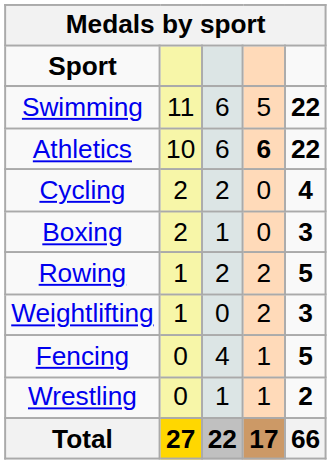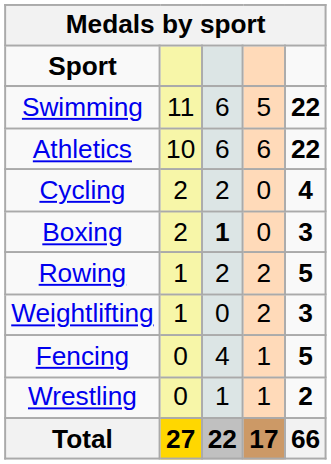 <table class="wikitable" style="font-size:85%; float:right">
 <tr style="background:#efefef;">
 <th colspan=7><strong>Medals by sport</strong></th>
 </tr>
 <tr align=center>
 <td><strong>Sport</strong></td>
 <td bgcolor=#f7f6a8></td>
 <td bgcolor=#dce5e5></td>
 <td bgcolor=#ffdab9></td>
 <td></td>
 </tr>
 <tr>
 </tr>
 <tr align=center>
 <td><a href='#'>Swimming</a></td>
 <td style="Background:#F7F6A8;">11</td>
 <td style="background:#DCE5E5;">6</td>
 <td style="background:#FFDAB9;">5</td>
 <td><strong>22</strong></td>
 </tr>
 <tr align=center>
 <td><a href='#'>Athletics</a></td>
 <td style="Background:#F7F6A8;">10</td>
 <td style="background:#DCE5E5;">6</td>
-<td style="background:#FFDAB9;"><strong>6</strong></td>
+<td style="background:#FFDAB9;">6</td>
 <td><strong>22</strong></td>
 </tr>
 <tr align=center>
 <td><a href='#'>Cycling</a></td>
 <td style="Background:#F7F6A8;">2</td>
 <td style="background:#DCE5E5;">2</td>
 <td style="background:#FFDAB9;">0</td>
 <td><strong>4</strong></td>
 </tr>
 <tr align=center>
 <td><a href='#'>Boxing</a></td>
 <td style="Background:#F7F6A8;">2</td>
-<td style="background:#DCE5E5;">1</td>
+<td style="background:#DCE5E5;"><strong>1</strong></td>
 <td style="background:#FFDAB9;">0</td>
 <td><strong>3</strong></td>
 </tr>
 <tr align=center>
 <td><a href='#'>Rowing</a></td>
 <td style="background:#F7F6A8;">1</td>
 <td style="background:#DCE5E5;">2</td>
 <td style="background:#FFDAB9;">2</td>
 <td><strong>5</strong></td>
 </tr>
 <tr align=center>
 <td><a href='#'>Weightlifting</a></td>
 <td style="Background:#F7F6A8;">1</td>
 <td style="background:#DCE5E5;">0</td>
 <td style="background:#FFDAB9;">2</td>
 <td><strong>3</strong></td>
 </tr>
 <tr align=center>
 <td><a href='#'>Fencing</a></td>
 <td style="Background:#F7F6A8;">0</td>
 <td style="background:#DCE5E5;">4</td>
 <td style="background:#FFDAB9;">1</td>
 <td><strong>5</strong></td>
 </tr>
 <tr align=center>
 <td><a href='#'>Wrestling</a></td>
 <td style="Background:#F7F6A8;">0</td>
 <td style="background:#DCE5E5;">1</td>
 <td style="background:#FFDAB9;">1</td>
 <td><strong>2</strong></td>
 </tr>
 <tr align=center>
 <th>Total</th>
 <th style="background:gold;">27</th>
 <th style="background:silver;">22</th>
 <th style="background:#c96;">17</th>
 <th>66</th>
 </tr>
 </table>
